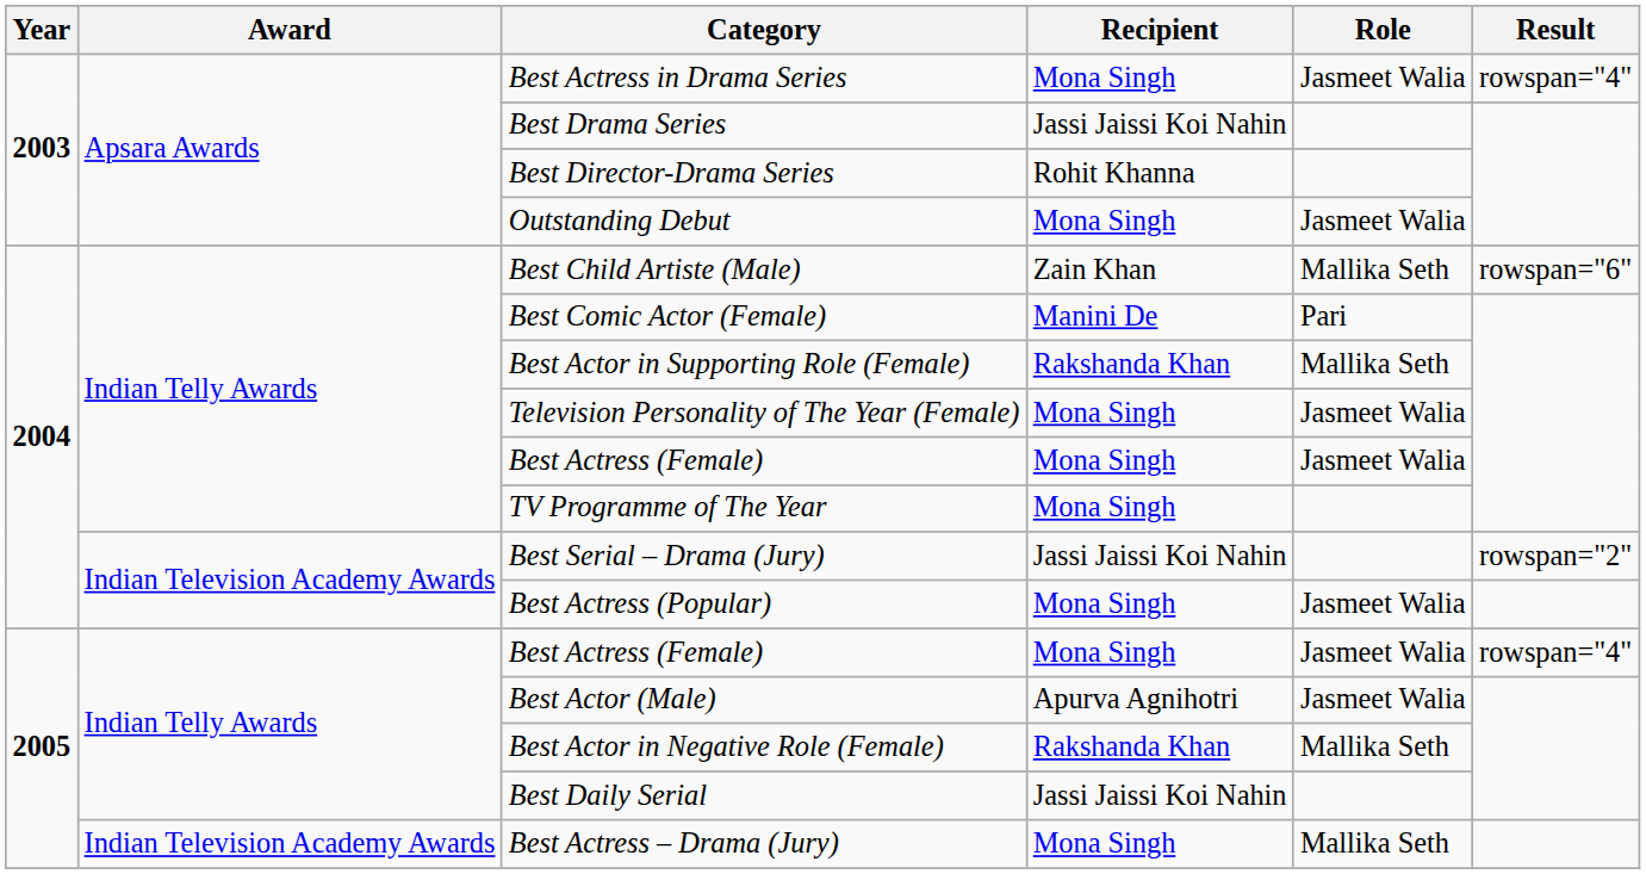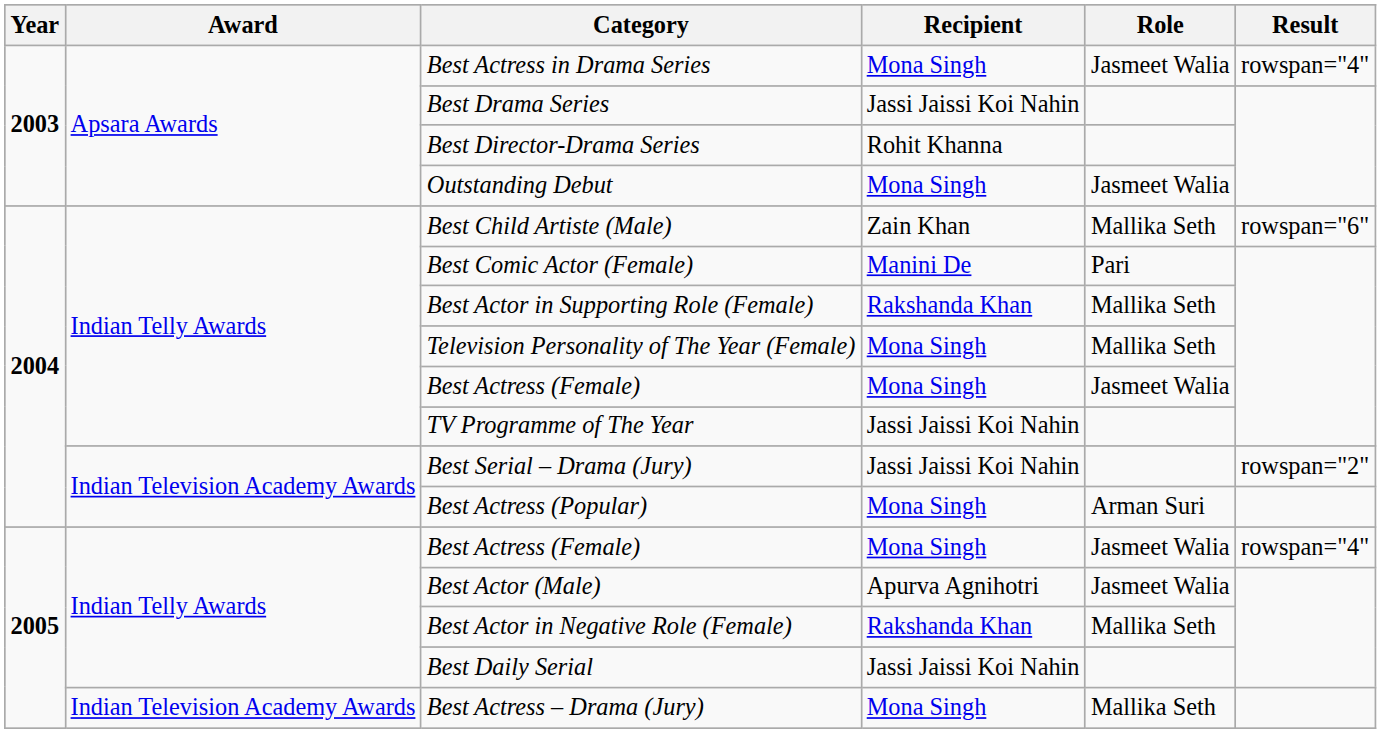 <table class="wikitable" style="font-size: 90%;">
 <tr>
 <th>Year</th>
 <th>Award</th>
 <th>Category</th>
 <th>Recipient</th>
 <th>Role</th>
 <th>Result</th>
 </tr>
 <tr>
 <td rowspan="4"><strong>2003</strong></td>
 <td rowspan="4"><a href='#'>Apsara Awards</a></td>
 <td><em>Best Actress in Drama Series</em></td>
 <td><a href='#'>Mona Singh</a></td>
 <td>Jasmeet Walia</td>
 <td>rowspan="4" </td>
 </tr>
 <tr>
 <td><em>Best Drama Series</em></td>
 <td>Jassi Jaissi Koi Nahin</td>
 <td></td>
 </tr>
 <tr>
 <td><em>Best Director-Drama Series</em></td>
 <td>Rohit Khanna</td>
 <td></td>
 </tr>
 <tr>
 <td><em>Outstanding Debut</em></td>
 <td><a href='#'>Mona Singh</a></td>
 <td>Jasmeet Walia</td>
 </tr>
 <tr>
 <td rowspan="8"><strong>2004</strong></td>
 <td rowspan="6"><a href='#'>Indian Telly Awards</a></td>
 <td><em>Best Child Artiste (Male)</em></td>
 <td Zain (Indian child artist)>Zain Khan</td>
 <td>Mallika Seth</td>
 <td>rowspan="6" </td>
 </tr>
 <tr>
 <td><em>Best Comic Actor (Female)</em></td>
 <td><a href='#'>Manini De</a></td>
 <td>Pari</td>
 </tr>
 <tr>
 <td><em>Best Actor in Supporting Role (Female)</em></td>
 <td><a href='#'>Rakshanda Khan</a></td>
 <td>Mallika Seth</td>
 </tr>
 <tr>
 <td><em>Television Personality of The Year (Female)</em></td>
 <td><a href='#'>Mona Singh</a></td>
-<td>Jasmeet Walia</td>
+<td>Mallika Seth</td>
 </tr>
 <tr>
 <td><em>Best Actress (Female)</em></td>
 <td><a href='#'>Mona Singh</a></td>
 <td>Jasmeet Walia</td>
 </tr>
 <tr>
 <td><em>TV Programme of The Year</em></td>
-<td><a href='#'>Mona Singh</a></td>
+<td>Jassi Jaissi Koi Nahin</td>
 <td></td>
 </tr>
 <tr>
 <td rowspan="2"><a href='#'>Indian Television Academy Awards</a></td>
 <td><em>Best Serial – Drama (Jury)</em></td>
 <td>Jassi Jaissi Koi Nahin</td>
 <td></td>
 <td>rowspan="2" </td>
 </tr>
 <tr>
 <td><em>Best Actress (Popular)</em></td>
 <td><a href='#'>Mona Singh</a></td>
-<td>Jasmeet Walia</td>
+<td>Arman Suri</td>
 </tr>
 <tr>
 <td rowspan="5"><strong>2005</strong></td>
 <td rowspan="4"><a href='#'>Indian Telly Awards</a></td>
 <td><em>Best Actress (Female)</em></td>
 <td><a href='#'>Mona Singh</a></td>
 <td>Jasmeet Walia</td>
 <td>rowspan="4" </td>
 </tr>
 <tr>
 <td><em>Best Actor (Male)</em></td>
 <td>Apurva Agnihotri</td>
 <td>Jasmeet Walia</td>
 </tr>
 <tr>
 <td><em>Best Actor in Negative Role (Female)</em></td>
 <td><a href='#'>Rakshanda Khan</a></td>
 <td>Mallika Seth</td>
 </tr>
 <tr>
 <td><em>Best Daily Serial</em></td>
 <td>Jassi Jaissi Koi Nahin</td>
 <td></td>
 </tr>
 <tr>
 <td><a href='#'>Indian Television Academy Awards</a></td>
 <td><em>Best Actress – Drama (Jury)</em></td>
 <td><a href='#'>Mona Singh</a></td>
 <td>Mallika Seth</td>
 <td></td>
 </tr>
 </table>
